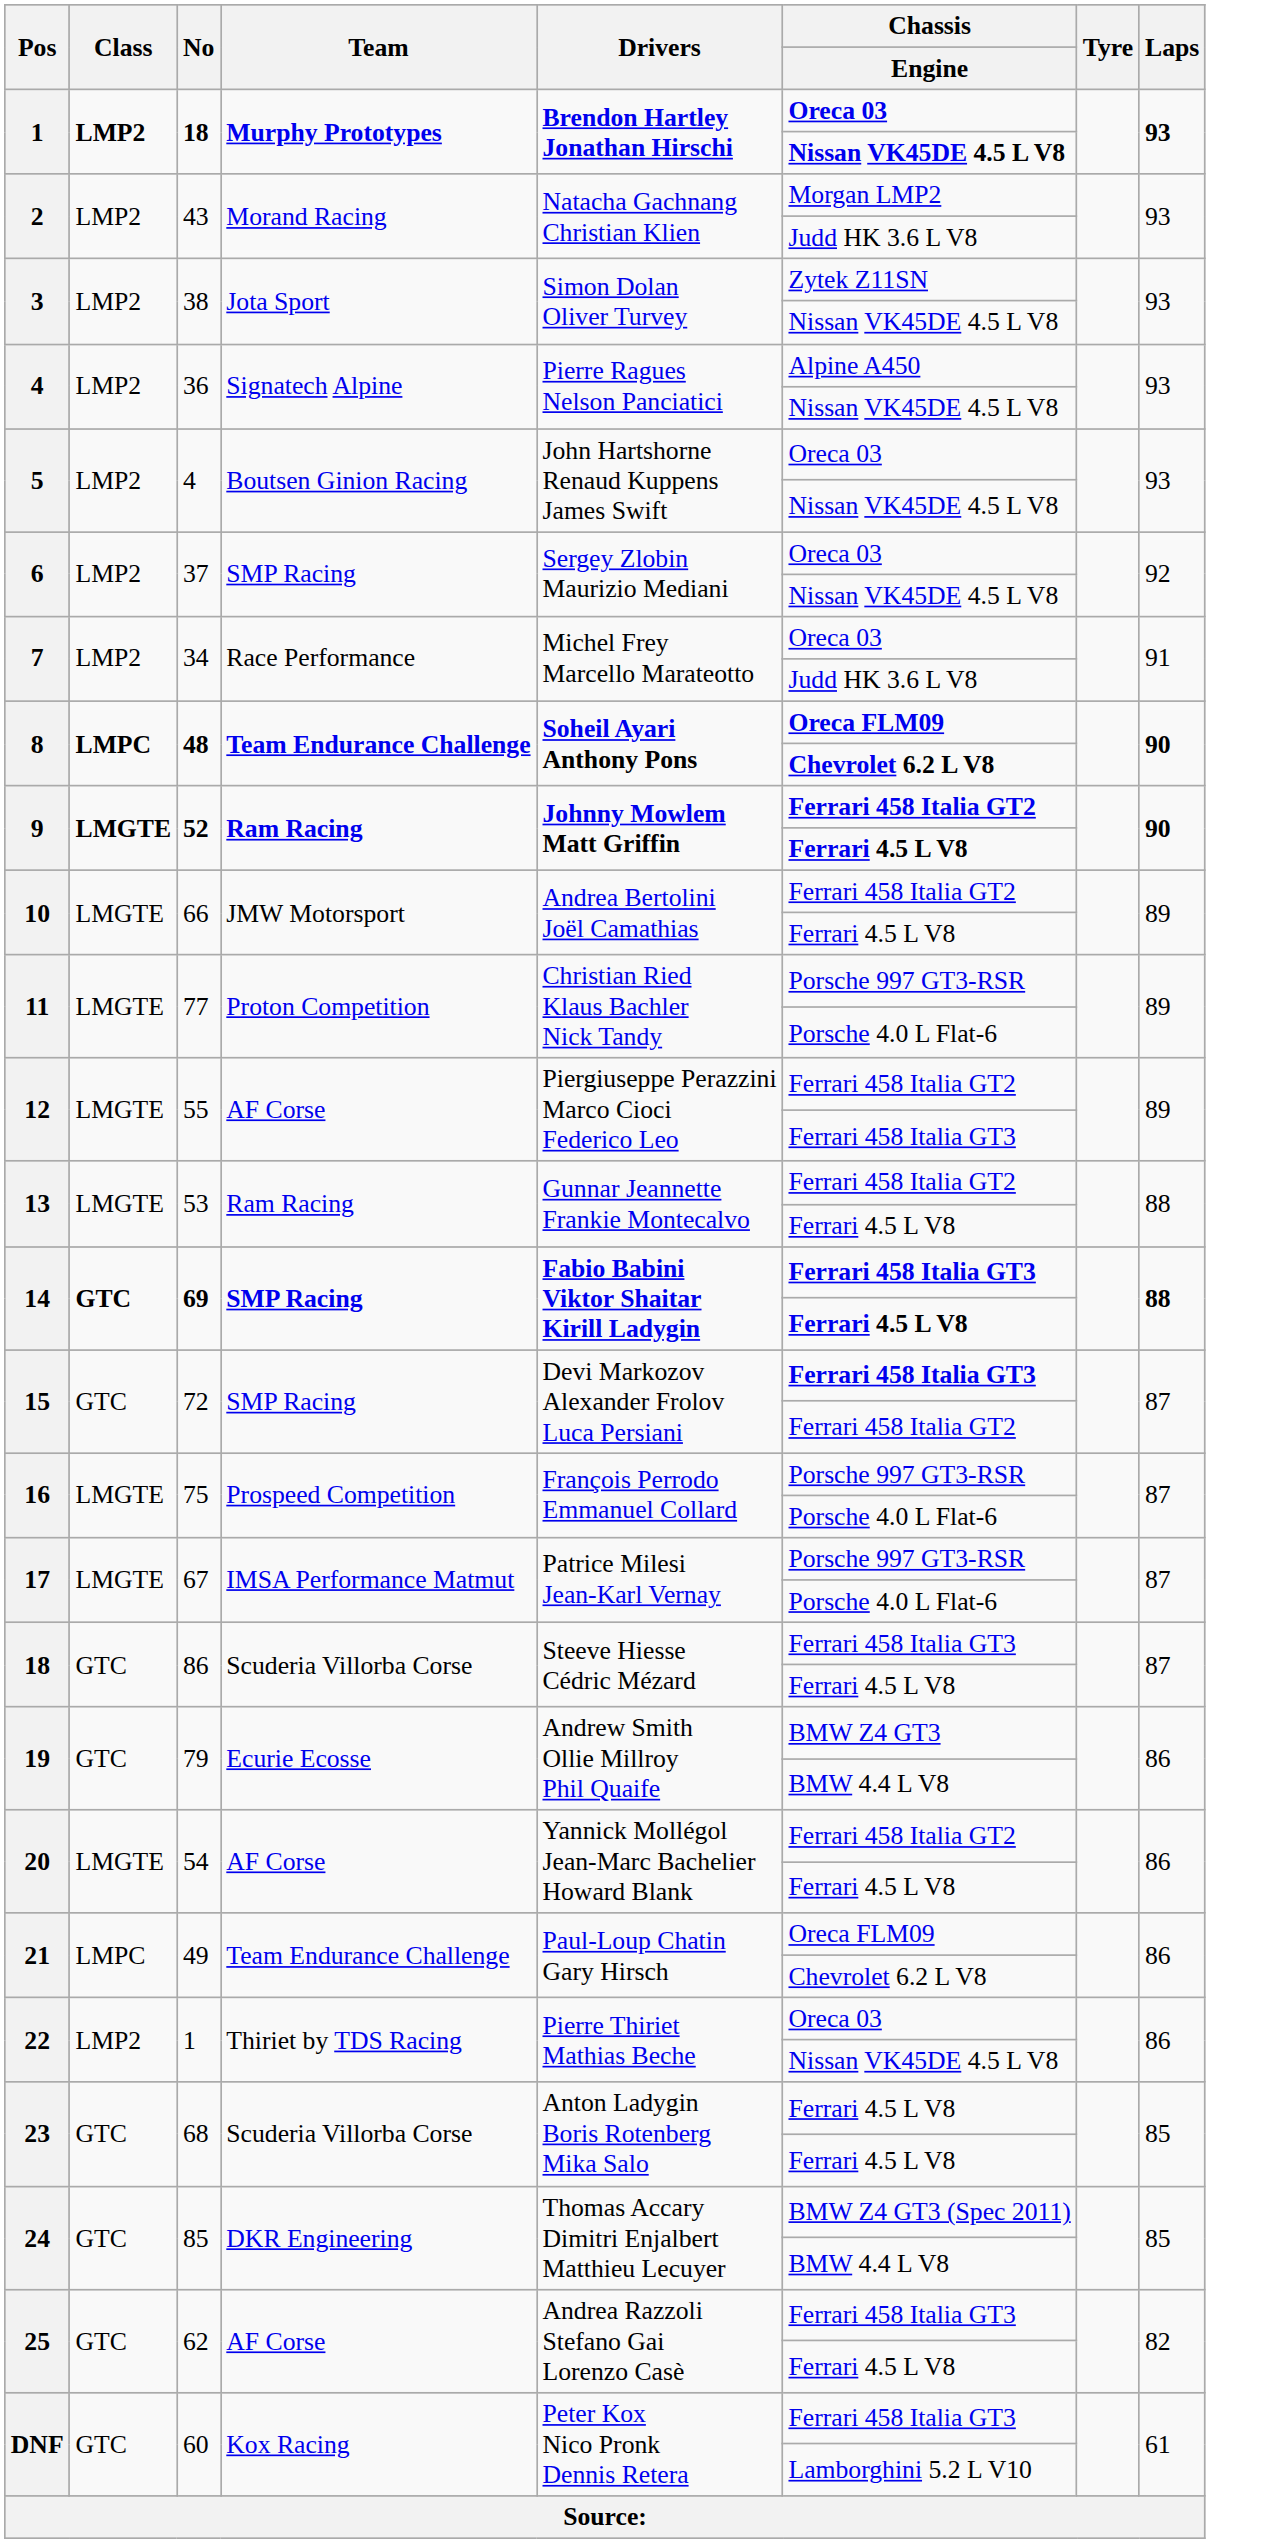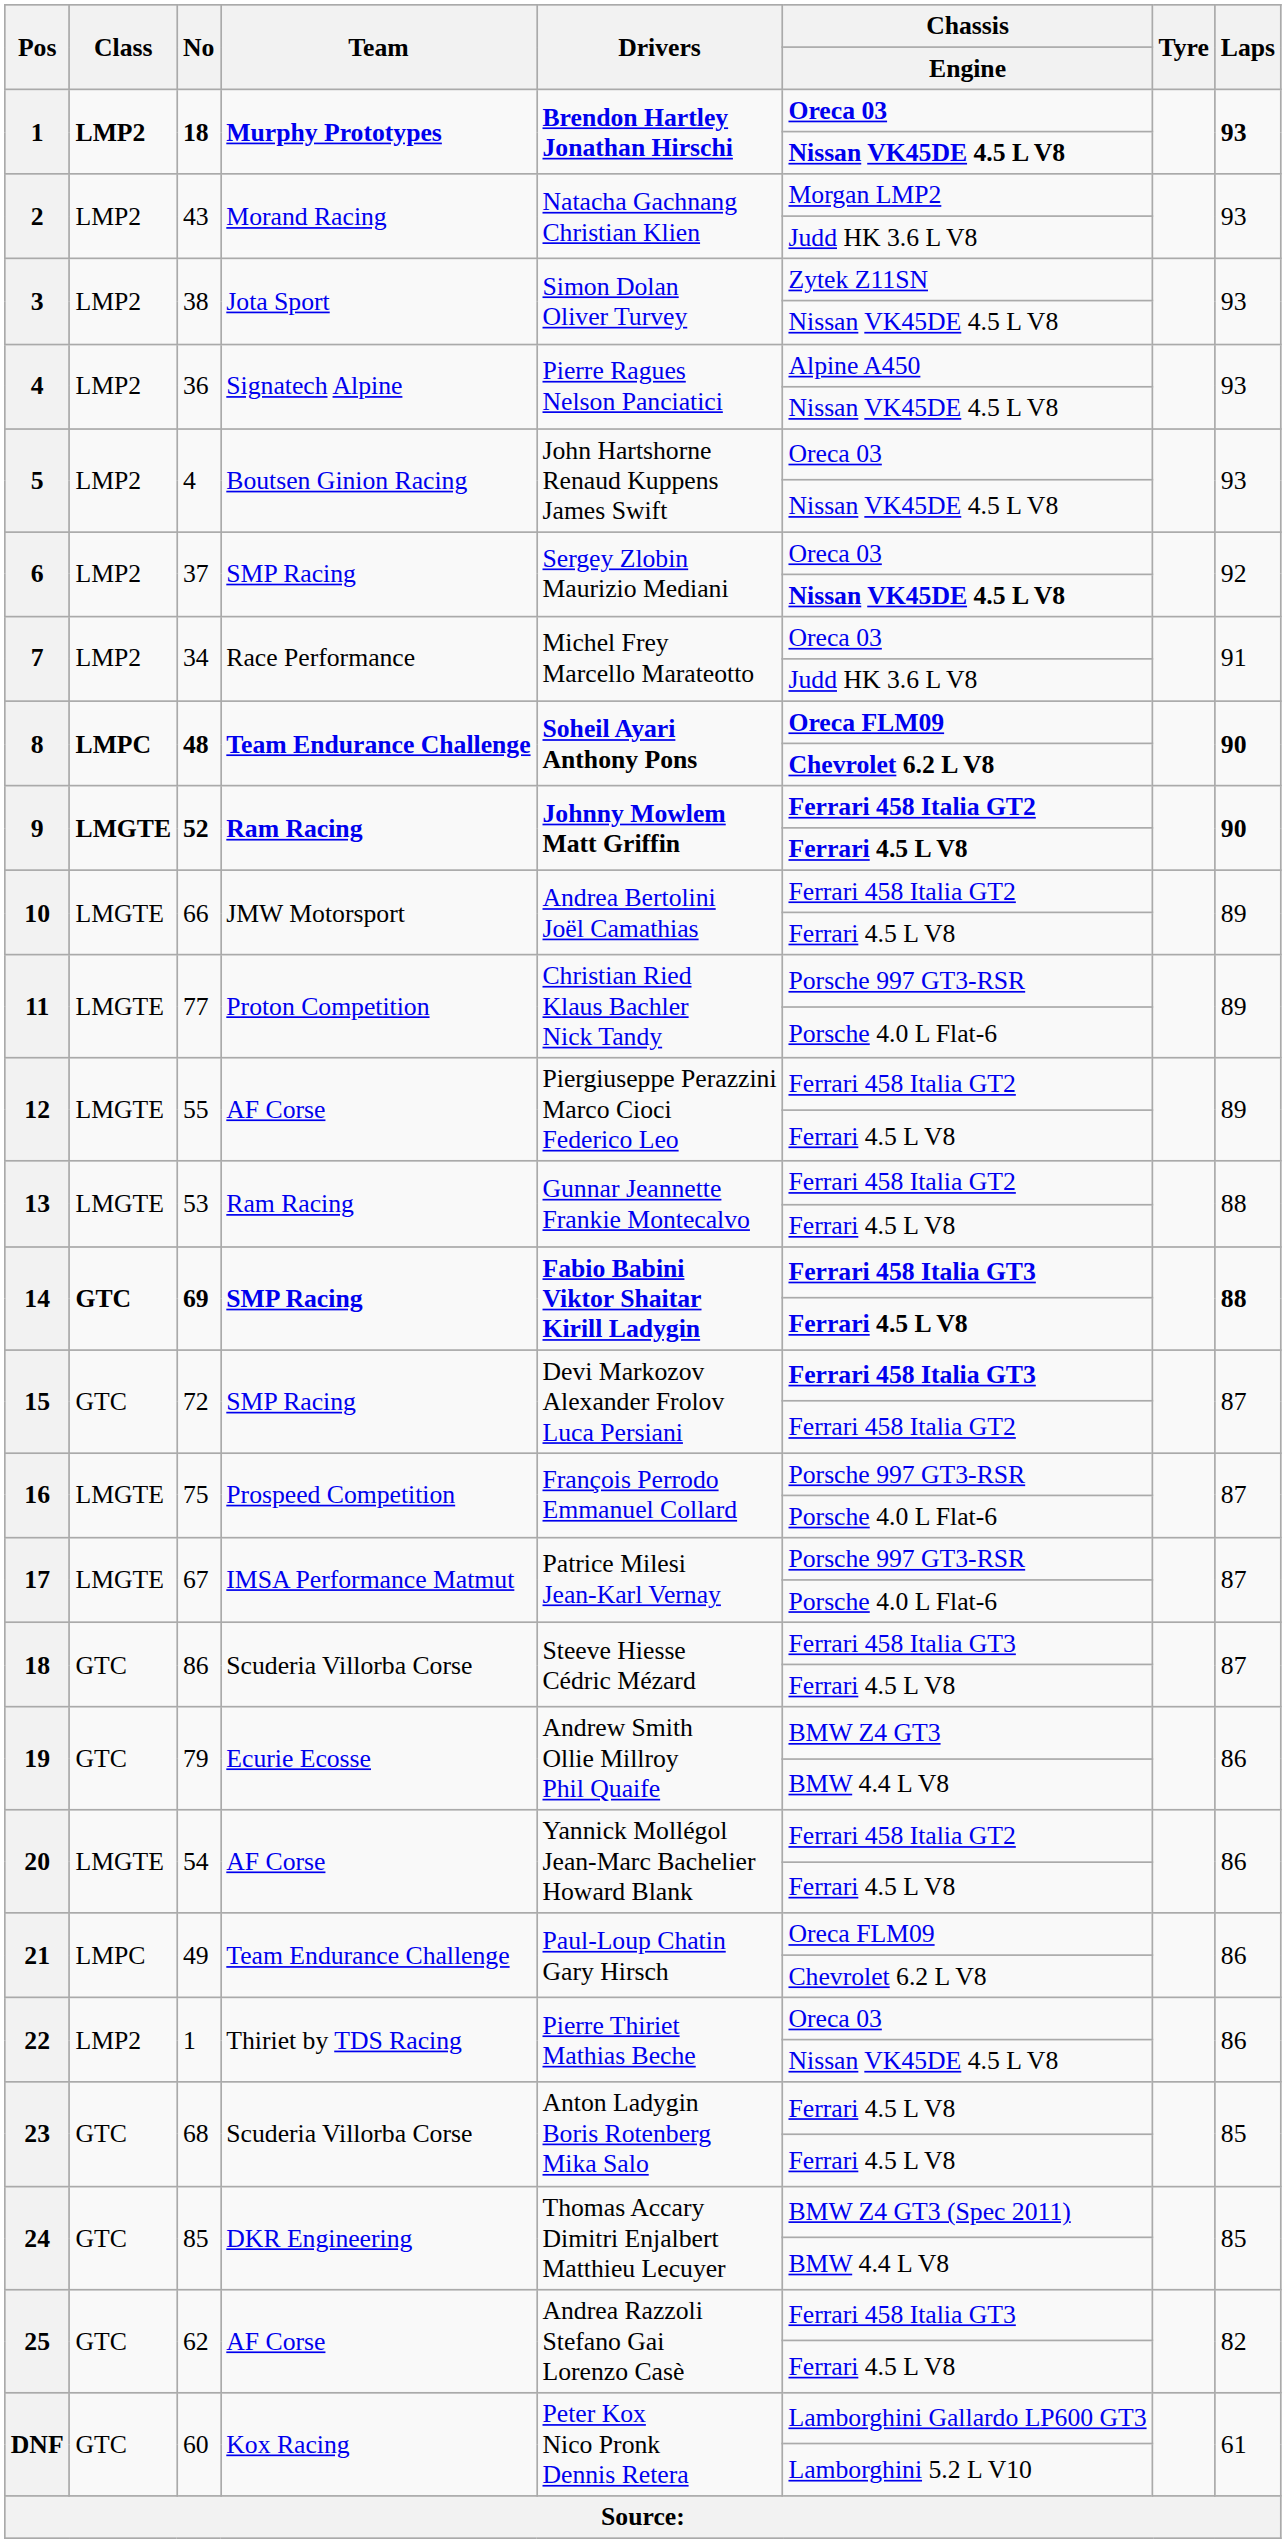 <table class="wikitable" style="font-size: 95%;">
 <tr>
 <th rowspan=2>Pos</th>
 <th rowspan=2>Class</th>
 <th rowspan=2>No</th>
 <th rowspan=2>Team</th>
 <th rowspan=2>Drivers</th>
 <th>Chassis</th>
 <th rowspan=2>Tyre</th>
 <th rowspan=2>Laps</th>
 </tr>
 <tr>
 <th>Engine</th>
 </tr>
 <tr>
 <th rowspan=2>1</th>
 <td rowspan=2><strong>LMP2</strong></td>
 <td rowspan=2><strong>18</strong></td>
 <td rowspan=2><strong> <a href='#'>Murphy Prototypes</a></strong></td>
 <td rowspan=2><strong> <a href='#'>Brendon Hartley</a><br> <a href='#'>Jonathan Hirschi</a></strong></td>
 <td><strong><a href='#'>Oreca 03</a></strong></td>
 <td rowspan=2></td>
 <td rowspan=2><strong>93</strong></td>
 </tr>
 <tr>
 <td><strong><a href='#'>Nissan</a> <a href='#'>VK45DE</a> 4.5 L V8</strong></td>
 </tr>
 <tr>
 <th rowspan=2>2</th>
 <td rowspan=2>LMP2</td>
 <td rowspan=2>43</td>
 <td rowspan=2> <a href='#'>Morand Racing</a></td>
 <td rowspan=2> <a href='#'>Natacha Gachnang</a><br> <a href='#'>Christian Klien</a></td>
 <td><a href='#'>Morgan LMP2</a></td>
 <td rowspan=2></td>
 <td rowspan=2>93</td>
 </tr>
 <tr>
 <td><a href='#'>Judd</a> HK 3.6 L V8</td>
 </tr>
 <tr>
 <th rowspan=2>3</th>
 <td rowspan=2>LMP2</td>
 <td rowspan=2>38</td>
 <td rowspan=2> <a href='#'>Jota Sport</a></td>
 <td rowspan=2> <a href='#'>Simon Dolan</a><br> <a href='#'>Oliver Turvey</a></td>
 <td><a href='#'>Zytek Z11SN</a></td>
 <td rowspan=2></td>
 <td rowspan=2>93</td>
 </tr>
 <tr>
 <td><a href='#'>Nissan</a> <a href='#'>VK45DE</a> 4.5 L V8</td>
 </tr>
 <tr>
 <th rowspan=2>4</th>
 <td rowspan=2>LMP2</td>
 <td rowspan=2>36</td>
 <td rowspan=2> <a href='#'>Signatech</a> <a href='#'>Alpine</a></td>
 <td rowspan=2> <a href='#'>Pierre Ragues</a><br> <a href='#'>Nelson Panciatici</a></td>
 <td><a href='#'>Alpine A450</a></td>
 <td rowspan=2></td>
 <td rowspan=2>93</td>
 </tr>
 <tr>
 <td><a href='#'>Nissan</a> <a href='#'>VK45DE</a> 4.5 L V8</td>
 </tr>
 <tr>
 <th rowspan=2>5</th>
 <td rowspan=2>LMP2</td>
 <td rowspan=2>4</td>
 <td rowspan=2> <a href='#'>Boutsen Ginion Racing</a></td>
 <td rowspan=2> John Hartshorne<br> Renaud Kuppens<br> James Swift</td>
 <td><a href='#'>Oreca 03</a></td>
 <td rowspan=2></td>
 <td rowspan=2>93</td>
 </tr>
 <tr>
 <td><a href='#'>Nissan</a> <a href='#'>VK45DE</a> 4.5 L V8</td>
 </tr>
 <tr>
 <th rowspan=2>6</th>
 <td rowspan=2>LMP2</td>
 <td rowspan=2>37</td>
 <td rowspan=2> <a href='#'>SMP Racing</a></td>
 <td rowspan=2> <a href='#'>Sergey Zlobin</a><br> Maurizio Mediani</td>
 <td><a href='#'>Oreca 03</a></td>
 <td rowspan=2></td>
 <td rowspan=2>92</td>
 </tr>
 <tr>
-<td><a href='#'>Nissan</a> <a href='#'>VK45DE</a> 4.5 L V8</td>
+<td><strong><a href='#'>Nissan</a> <a href='#'>VK45DE</a> 4.5 L V8</strong></td>
 </tr>
 <tr>
 <th rowspan=2>7</th>
 <td rowspan=2>LMP2</td>
 <td rowspan=2>34</td>
 <td rowspan=2> Race Performance</td>
 <td rowspan=2> Michel Frey<br> Marcello Marateotto</td>
 <td><a href='#'>Oreca 03</a></td>
 <td rowspan=2></td>
 <td rowspan=2>91</td>
 </tr>
 <tr>
 <td><a href='#'>Judd</a> HK 3.6 L V8</td>
 </tr>
 <tr>
 <th rowspan=2>8</th>
 <td rowspan=2><strong>LMPC</strong></td>
 <td rowspan=2><strong>48</strong></td>
 <td rowspan=2><strong> <a href='#'>Team Endurance Challenge</a></strong></td>
 <td rowspan=2><strong> <a href='#'>Soheil Ayari</a><br> Anthony Pons</strong></td>
 <td><strong><a href='#'>Oreca FLM09</a></strong></td>
 <td rowspan=2></td>
 <td rowspan=2><strong>90</strong></td>
 </tr>
 <tr>
 <td><strong><a href='#'>Chevrolet</a> 6.2 L V8</strong></td>
 </tr>
 <tr>
 <th rowspan=2>9</th>
 <td rowspan=2><strong>LMGTE</strong></td>
 <td rowspan=2><strong>52</strong></td>
 <td rowspan=2><strong> <a href='#'>Ram Racing</a></strong></td>
 <td rowspan=2><strong> <a href='#'>Johnny Mowlem</a><br> Matt Griffin</strong></td>
 <td><strong><a href='#'>Ferrari 458 Italia GT2</a></strong></td>
 <td rowspan=2></td>
 <td rowspan=2><strong>90</strong></td>
 </tr>
 <tr>
 <td><strong><a href='#'>Ferrari</a> 4.5 L V8</strong></td>
 </tr>
 <tr>
 <th rowspan=2>10</th>
 <td rowspan=2>LMGTE</td>
 <td rowspan=2>66</td>
 <td rowspan=2> JMW Motorsport</td>
 <td rowspan=2> <a href='#'>Andrea Bertolini</a><br> <a href='#'>Joël Camathias</a></td>
 <td><a href='#'>Ferrari 458 Italia GT2</a></td>
 <td rowspan=2></td>
 <td rowspan=2>89</td>
 </tr>
 <tr>
 <td><a href='#'>Ferrari</a> 4.5 L V8</td>
 </tr>
 <tr>
 <th rowspan=2>11</th>
 <td rowspan=2>LMGTE</td>
 <td rowspan=2>77</td>
 <td rowspan=2> <a href='#'>Proton Competition</a></td>
 <td rowspan=2> <a href='#'>Christian Ried</a><br> <a href='#'>Klaus Bachler</a><br> <a href='#'>Nick Tandy</a></td>
 <td><a href='#'>Porsche 997 GT3-RSR</a></td>
 <td rowspan=2></td>
 <td rowspan=2>89</td>
 </tr>
 <tr>
 <td><a href='#'>Porsche</a> 4.0 L Flat-6</td>
 </tr>
 <tr>
 <th rowspan=2>12</th>
 <td rowspan=2>LMGTE</td>
 <td rowspan=2>55</td>
 <td rowspan=2> <a href='#'>AF Corse</a></td>
 <td rowspan=2> Piergiuseppe Perazzini<br> Marco Cioci<br> <a href='#'>Federico Leo</a></td>
 <td><a href='#'>Ferrari 458 Italia GT2</a></td>
 <td rowspan=2></td>
 <td rowspan=2>89</td>
 </tr>
 <tr>
-<td><a href='#'>Ferrari 458 Italia GT3</a></td>
+<td><a href='#'>Ferrari</a> 4.5 L V8</td>
 </tr>
 <tr>
 <th rowspan=2>13</th>
 <td rowspan=2>LMGTE</td>
 <td rowspan=2>53</td>
 <td rowspan=2> <a href='#'>Ram Racing</a></td>
 <td rowspan=2> <a href='#'>Gunnar Jeannette</a><br> <a href='#'>Frankie Montecalvo</a></td>
 <td><a href='#'>Ferrari 458 Italia GT2</a></td>
 <td rowspan=2></td>
 <td rowspan=2>88</td>
 </tr>
 <tr>
 <td><a href='#'>Ferrari</a> 4.5 L V8</td>
 </tr>
 <tr>
 <th rowspan=2>14</th>
 <td rowspan=2><strong>GTC</strong></td>
 <td rowspan=2><strong>69</strong></td>
 <td rowspan=2><strong> <a href='#'>SMP Racing</a></strong></td>
 <td rowspan=2><strong> <a href='#'>Fabio Babini</a><br> <a href='#'>Viktor Shaitar</a><br> <a href='#'>Kirill Ladygin</a></strong></td>
 <td><a href='#'><strong>Ferrari 458 Italia GT3</strong></a></td>
 <td rowspan=2></td>
 <td rowspan=2><strong>88</strong></td>
 </tr>
 <tr>
 <td><strong><a href='#'>Ferrari</a> 4.5 L V8</strong></td>
 </tr>
 <tr>
 <th rowspan=2>15</th>
 <td rowspan=2>GTC</td>
 <td rowspan=2>72</td>
 <td rowspan=2> <a href='#'>SMP Racing</a></td>
 <td rowspan=2> Devi Markozov<br> Alexander Frolov<br> <a href='#'>Luca Persiani</a></td>
 <td><strong><a href='#'>Ferrari 458 Italia GT3</a></strong></td>
 <td rowspan=2></td>
 <td rowspan=2>87</td>
 </tr>
 <tr>
 <td><a href='#'>Ferrari 458 Italia GT2</a></td>
 </tr>
 <tr>
 <th rowspan=2>16</th>
 <td rowspan=2>LMGTE</td>
 <td rowspan=2>75</td>
 <td rowspan=2> <a href='#'>Prospeed Competition</a></td>
 <td rowspan=2> <a href='#'>François Perrodo</a><br> <a href='#'>Emmanuel Collard</a></td>
 <td><a href='#'>Porsche 997 GT3-RSR</a></td>
 <td rowspan=2></td>
 <td rowspan=2>87</td>
 </tr>
 <tr>
 <td><a href='#'>Porsche</a> 4.0 L Flat-6</td>
 </tr>
 <tr>
 <th rowspan=2>17</th>
 <td rowspan=2>LMGTE</td>
 <td rowspan=2>67</td>
 <td rowspan=2> <a href='#'>IMSA Performance Matmut</a></td>
 <td rowspan=2> Patrice Milesi<br> <a href='#'>Jean-Karl Vernay</a></td>
 <td><a href='#'>Porsche 997 GT3-RSR</a></td>
 <td rowspan=2></td>
 <td rowspan=2>87</td>
 </tr>
 <tr>
 <td><a href='#'>Porsche</a> 4.0 L Flat-6</td>
 </tr>
 <tr>
 <th rowspan=2>18</th>
 <td rowspan=2>GTC</td>
 <td rowspan=2>86</td>
 <td rowspan=2> Scuderia Villorba Corse</td>
 <td rowspan=2> Steeve Hiesse<br> Cédric Mézard</td>
 <td><a href='#'>Ferrari 458 Italia GT3</a></td>
 <td rowspan=2></td>
 <td rowspan=2>87</td>
 </tr>
 <tr>
 <td><a href='#'>Ferrari</a> 4.5 L V8</td>
 </tr>
 <tr>
 <th rowspan=2>19</th>
 <td rowspan=2>GTC</td>
 <td rowspan=2>79</td>
 <td rowspan=2> <a href='#'>Ecurie Ecosse</a></td>
 <td rowspan=2> Andrew Smith<br> Ollie Millroy<br> <a href='#'>Phil Quaife</a></td>
 <td><a href='#'>BMW Z4 GT3</a></td>
 <td rowspan=2></td>
 <td rowspan=2>86</td>
 </tr>
 <tr>
 <td><a href='#'>BMW</a> 4.4 L V8</td>
 </tr>
 <tr>
 <th rowspan="2">20</th>
 <td rowspan="2">LMGTE</td>
 <td rowspan="2">54</td>
 <td rowspan="2"> <a href='#'>AF Corse</a></td>
 <td rowspan="2"> Yannick Mollégol<br> Jean-Marc Bachelier<br> Howard Blank</td>
 <td><a href='#'>Ferrari 458 Italia GT2</a></td>
 <td rowspan="2"></td>
 <td rowspan="2">86</td>
 </tr>
 <tr>
 <td><a href='#'>Ferrari</a> 4.5 L V8</td>
 </tr>
 <tr>
 <th rowspan=2>21</th>
 <td rowspan=2>LMPC</td>
 <td rowspan=2>49</td>
 <td rowspan=2> <a href='#'>Team Endurance Challenge</a></td>
 <td rowspan=2> <a href='#'>Paul-Loup Chatin</a><br> Gary Hirsch</td>
 <td><a href='#'>Oreca FLM09</a></td>
 <td rowspan=2></td>
 <td rowspan=2>86</td>
 </tr>
 <tr>
 <td><a href='#'>Chevrolet</a> 6.2 L V8</td>
 </tr>
 <tr>
 <th rowspan=2>22</th>
 <td rowspan=2>LMP2</td>
 <td rowspan=2>1</td>
 <td rowspan=2> Thiriet by <a href='#'>TDS Racing</a></td>
 <td rowspan=2> <a href='#'>Pierre Thiriet</a><br> <a href='#'>Mathias Beche</a></td>
 <td><a href='#'>Oreca 03</a></td>
 <td rowspan=2></td>
 <td rowspan=2>86</td>
 </tr>
 <tr>
 <td><a href='#'>Nissan</a> <a href='#'>VK45DE</a> 4.5 L V8</td>
 </tr>
 <tr>
 <th rowspan=2>23</th>
 <td rowspan=2>GTC</td>
 <td rowspan=2>68</td>
 <td rowspan=2> Scuderia Villorba Corse</td>
 <td rowspan=2> Anton Ladygin<br> <a href='#'>Boris Rotenberg</a><br> <a href='#'>Mika Salo</a></td>
 <td><a href='#'>Ferrari</a> 4.5 L V8</td>
 <td rowspan=2></td>
 <td rowspan=2>85</td>
 </tr>
 <tr>
 <td><a href='#'>Ferrari</a> 4.5 L V8</td>
 </tr>
 <tr>
 <th rowspan=2>24</th>
 <td rowspan=2>GTC</td>
 <td rowspan=2>85</td>
 <td rowspan=2> <a href='#'>DKR Engineering</a></td>
 <td rowspan=2> Thomas Accary<br> Dimitri Enjalbert<br> Matthieu Lecuyer</td>
 <td><a href='#'>BMW Z4 GT3 (Spec 2011)</a></td>
 <td rowspan=2></td>
 <td rowspan=2>85</td>
 </tr>
 <tr>
 <td><a href='#'>BMW</a> 4.4 L V8</td>
 </tr>
 <tr>
 <th rowspan="2">25</th>
 <td rowspan="2">GTC</td>
 <td rowspan="2">62</td>
 <td rowspan="2"> <a href='#'>AF Corse</a></td>
 <td rowspan="2"> Andrea Razzoli<br> Stefano Gai<br> Lorenzo Casè</td>
 <td><a href='#'>Ferrari 458 Italia GT3</a></td>
 <td rowspan="2"></td>
 <td rowspan="2">82</td>
 </tr>
 <tr>
 <td><a href='#'>Ferrari</a> 4.5 L V8</td>
 </tr>
 <tr>
 <th rowspan="2">DNF</th>
 <td rowspan="2">GTC</td>
 <td rowspan="2">60</td>
 <td rowspan="2"> <a href='#'>Kox Racing</a></td>
 <td rowspan="2"> <a href='#'>Peter Kox</a><br> Nico Pronk<br> <a href='#'>Dennis Retera</a></td>
-<td><a href='#'>Ferrari 458 Italia GT3</a></td>
+<td><a href='#'>Lamborghini Gallardo LP600 GT3</a></td>
 <td rowspan="2"></td>
 <td rowspan="2">61</td>
 </tr>
 <tr>
 <td><a href='#'>Lamborghini</a> 5.2 L V10</td>
 </tr>
 <tr>
 <th colspan="8">Source:</th>
 </tr>
 </table>
